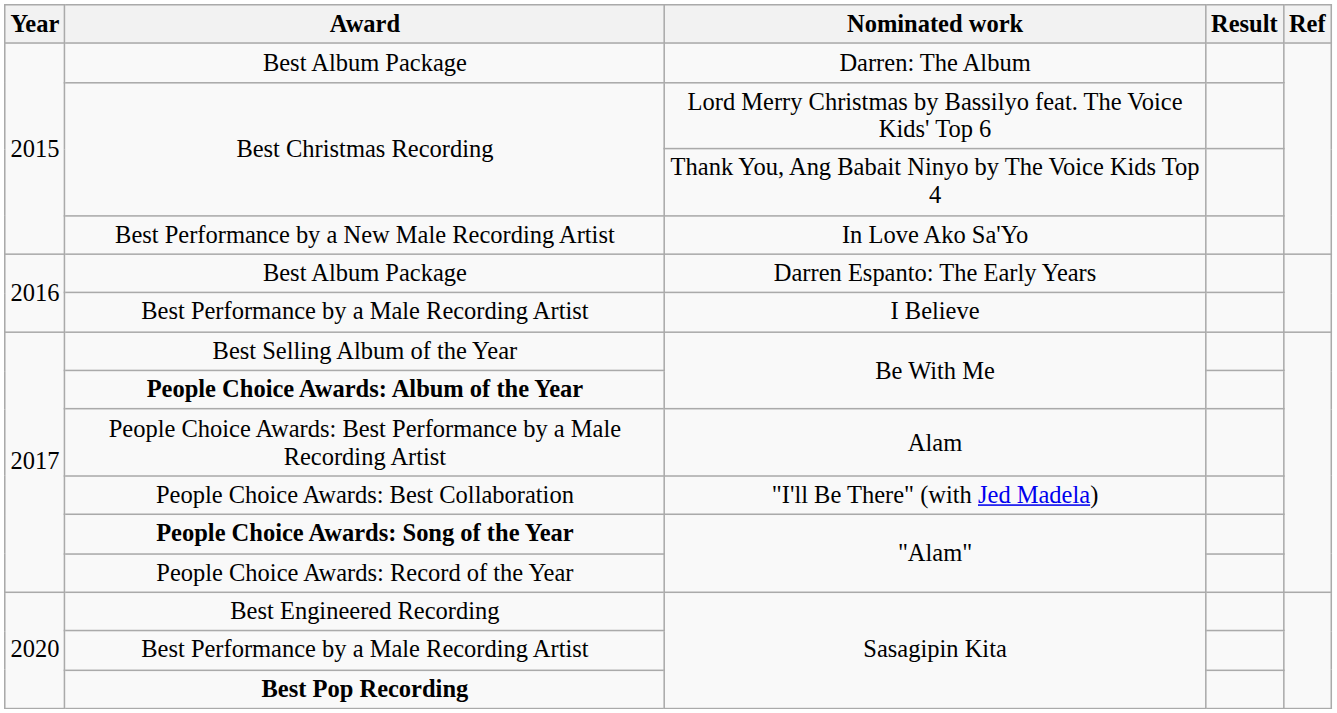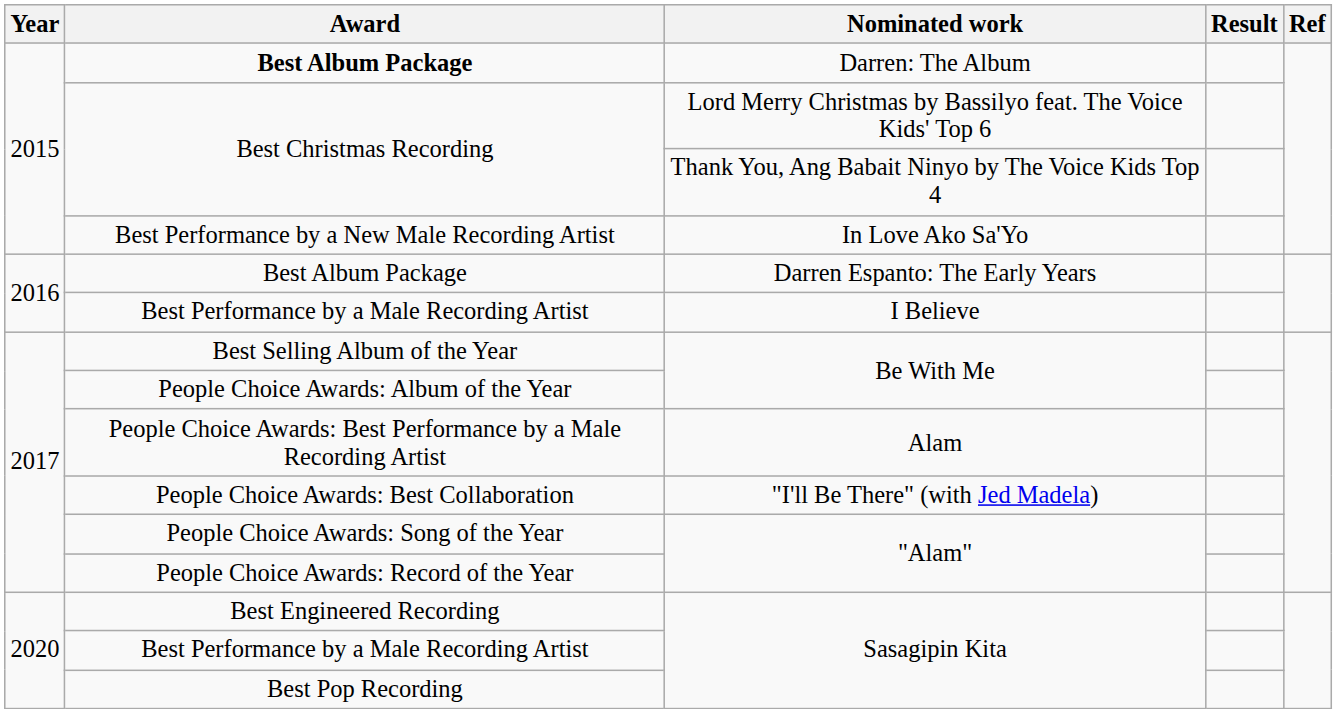 <table class="wikitable sortable" style=text-align:center>
 <tr>
 <th>Year</th>
 <th>Award</th>
 <th>Nominated work</th>
 <th>Result</th>
 <th>Ref</th>
 </tr>
 <tr>
 <td rowspan="4">2015</td>
-<td>Best Album Package</td>
+<td><strong>Best Album Package</strong></td>
 <td>Darren: The Album</td>
 <td></td>
 <td rowspan="4"></td>
 </tr>
 <tr>
 <td rowspan="2">Best Christmas Recording</td>
 <td>Lord Merry Christmas by Bassilyo feat. The Voice Kids' Top 6</td>
 <td></td>
 </tr>
 <tr>
 <td>Thank You, Ang Babait Ninyo by The Voice Kids Top 4</td>
 <td></td>
 </tr>
 <tr>
 <td>Best Performance by a New Male Recording Artist</td>
 <td>In Love Ako Sa'Yo</td>
 <td></td>
 </tr>
 <tr>
 <td rowspan="2">2016</td>
 <td>Best Album Package</td>
 <td>Darren Espanto: The Early Years</td>
 <td></td>
 <td rowspan="2"></td>
 </tr>
 <tr>
 <td>Best Performance by a Male Recording Artist</td>
 <td>I Believe</td>
 <td></td>
 </tr>
 <tr>
 <td rowspan="6">2017</td>
 <td>Best Selling Album of the Year</td>
 <td rowspan="2">Be With Me</td>
 <td></td>
 <td rowspan="6"></td>
 </tr>
 <tr>
-<td><strong>People Choice Awards: Album of the Year</strong></td>
+<td>People Choice Awards: Album of the Year</td>
 <td></td>
 </tr>
 <tr>
 <td>People Choice Awards: Best Performance by a Male Recording Artist</td>
 <td>Alam</td>
 <td></td>
 </tr>
 <tr>
 <td>People Choice Awards: Best Collaboration</td>
 <td>"I'll Be There" (with <a href='#'>Jed Madela</a>)</td>
 <td></td>
 </tr>
 <tr>
-<td><strong>People Choice Awards: Song of the Year</strong></td>
+<td>People Choice Awards: Song of the Year</td>
 <td rowspan="2">"Alam"</td>
 <td></td>
 </tr>
 <tr>
 <td>People Choice Awards: Record of the Year</td>
 <td></td>
 </tr>
 <tr>
 <td rowspan="3">2020</td>
 <td>Best Engineered Recording</td>
 <td rowspan="3">Sasagipin Kita</td>
 <td></td>
 <td rowspan="3"></td>
 </tr>
 <tr>
 <td>Best Performance by a Male Recording Artist</td>
 <td></td>
 </tr>
 <tr>
-<td><strong>Best Pop Recording</strong></td>
+<td>Best Pop Recording</td>
 <td></td>
 </tr>
 </table>
